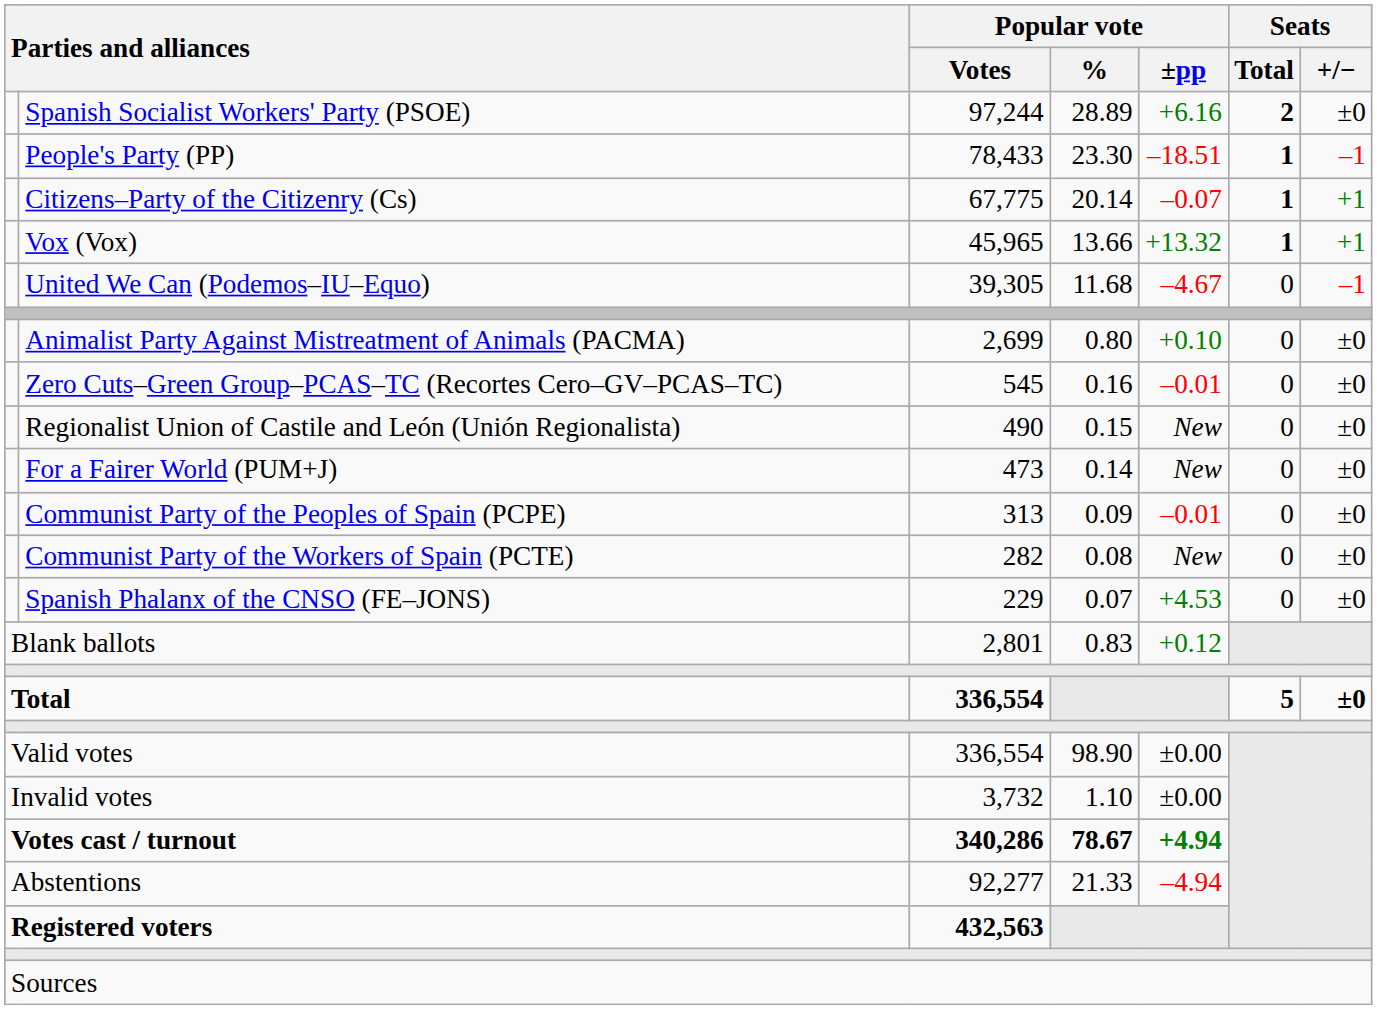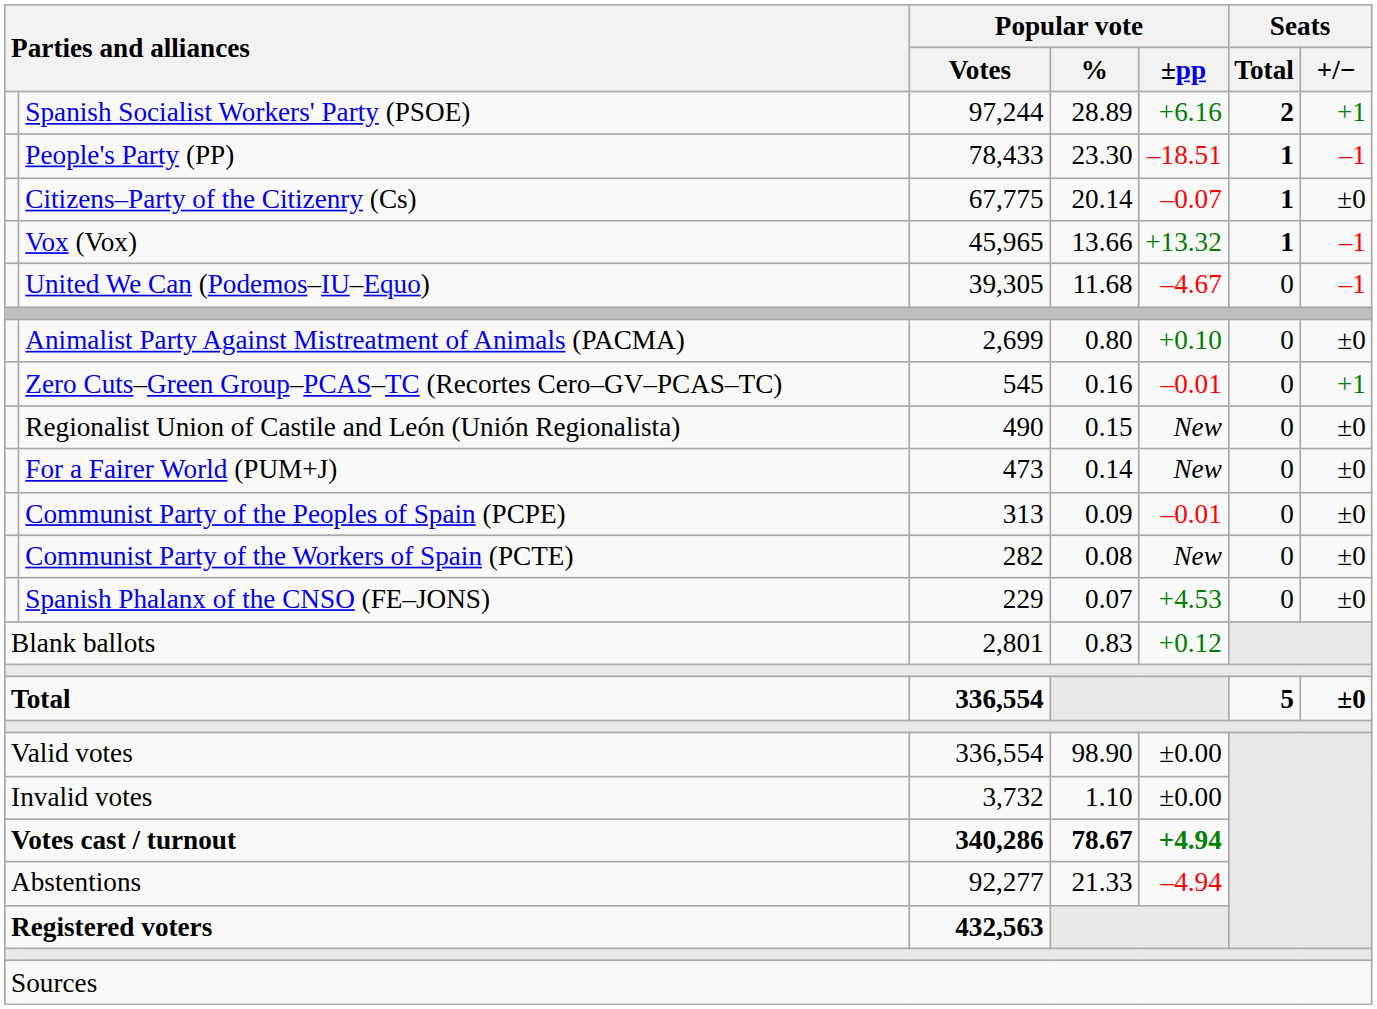 <table class="wikitable" style="text-align:right;">
 <tr>
 <th style="text-align:left;" rowspan="2" colspan="2" width="525">Parties and alliances</th>
 <th colspan="3">Popular vote</th>
 <th colspan="2">Seats</th>
 </tr>
 <tr>
 <th width="75">Votes</th>
 <th width="45">%</th>
 <th width="45">±<a href='#'>pp</a></th>
 <th width="35">Total</th>
 <th width="35">+/−</th>
 </tr>
 <tr>
 <td width="1" style="color:inherit;background:"></td>
 <td align="left"><a href='#'>Spanish Socialist Workers' Party</a> (PSOE)</td>
 <td>97,244</td>
 <td>28.89</td>
 <td style="color:green;">+6.16</td>
 <td><strong>2</strong></td>
-<td>±0</td>
+<td style="color:green;">+1</td>
 </tr>
 <tr>
 <td style="color:inherit;background:"></td>
 <td align="left"><a href='#'>People's Party</a> (PP)</td>
 <td>78,433</td>
 <td>23.30</td>
 <td style="color:red;">–18.51</td>
 <td><strong>1</strong></td>
 <td style="color:red;">–1</td>
 </tr>
 <tr>
 <td style="color:inherit;background:"></td>
 <td align="left"><a href='#'>Citizens–Party of the Citizenry</a> (Cs)</td>
 <td>67,775</td>
 <td>20.14</td>
 <td style="color:red;">–0.07</td>
 <td><strong>1</strong></td>
-<td style="color:green;">+1</td>
+<td>±0</td>
 </tr>
 <tr>
 <td style="color:inherit;background:"></td>
 <td align="left"><a href='#'>Vox</a> (Vox)</td>
 <td>45,965</td>
 <td>13.66</td>
 <td style="color:green;">+13.32</td>
 <td><strong>1</strong></td>
-<td style="color:green;">+1</td>
+<td style="color:red;">–1</td>
 </tr>
 <tr>
 <td style="color:inherit;background:"></td>
 <td align="left"><a href='#'>United We Can</a> (<a href='#'>Podemos</a>–<a href='#'>IU</a>–<a href='#'>Equo</a>)</td>
 <td>39,305</td>
 <td>11.68</td>
 <td style="color:red;">–4.67</td>
 <td>0</td>
 <td style="color:red;">–1</td>
 </tr>
 <tr>
 <td colspan="7" bgcolor="#C0C0C0"></td>
 </tr>
 <tr>
 <td style="color:inherit;background:"></td>
 <td align="left"><a href='#'>Animalist Party Against Mistreatment of Animals</a> (PACMA)</td>
 <td>2,699</td>
 <td>0.80</td>
 <td style="color:green;">+0.10</td>
 <td>0</td>
 <td>±0</td>
 </tr>
 <tr>
 <td style="color:inherit;background:"></td>
 <td align="left"><a href='#'>Zero Cuts</a>–<a href='#'>Green Group</a>–<a href='#'>PCAS</a>–<a href='#'>TC</a> (Recortes Cero–GV–PCAS–TC)</td>
 <td>545</td>
 <td>0.16</td>
 <td style="color:red;">–0.01</td>
 <td>0</td>
-<td>±0</td>
+<td style="color:green;">+1</td>
 </tr>
 <tr>
 <td style="color:inherit;background:"></td>
 <td align="left">Regionalist Union of Castile and León (Unión Regionalista)</td>
 <td>490</td>
 <td>0.15</td>
 <td><em>New</em></td>
 <td>0</td>
 <td>±0</td>
 </tr>
 <tr>
 <td style="color:inherit;background:"></td>
 <td align="left"><a href='#'>For a Fairer World</a> (PUM+J)</td>
 <td>473</td>
 <td>0.14</td>
 <td><em>New</em></td>
 <td>0</td>
 <td>±0</td>
 </tr>
 <tr>
 <td style="color:inherit;background:"></td>
 <td align="left"><a href='#'>Communist Party of the Peoples of Spain</a> (PCPE)</td>
 <td>313</td>
 <td>0.09</td>
 <td style="color:red;">–0.01</td>
 <td>0</td>
 <td>±0</td>
 </tr>
 <tr>
 <td style="color:inherit;background:"></td>
 <td align="left"><a href='#'>Communist Party of the Workers of Spain</a> (PCTE)</td>
 <td>282</td>
 <td>0.08</td>
 <td><em>New</em></td>
 <td>0</td>
 <td>±0</td>
 </tr>
 <tr>
 <td style="color:inherit;background:"></td>
 <td align="left"><a href='#'>Spanish Phalanx of the CNSO</a> (FE–JONS)</td>
 <td>229</td>
 <td>0.07</td>
 <td style="color:green;">+4.53</td>
 <td>0</td>
 <td>±0</td>
 </tr>
 <tr>
 <td align="left" colspan="2">Blank ballots</td>
 <td>2,801</td>
 <td>0.83</td>
 <td style="color:green;">+0.12</td>
 <td bgcolor="#E9E9E9" colspan="2"></td>
 </tr>
 <tr>
 <td colspan="7" bgcolor="#E9E9E9"></td>
 </tr>
 <tr style="font-weight:bold;">
 <td align="left" colspan="2">Total</td>
 <td>336,554</td>
 <td bgcolor="#E9E9E9" colspan="2"></td>
 <td>5</td>
 <td>±0</td>
 </tr>
 <tr>
 <td colspan="7" bgcolor="#E9E9E9"></td>
 </tr>
 <tr>
 <td align="left" colspan="2">Valid votes</td>
 <td>336,554</td>
 <td>98.90</td>
 <td>±0.00</td>
 <td bgcolor="#E9E9E9" colspan="2" rowspan="5"></td>
 </tr>
 <tr>
 <td align="left" colspan="2">Invalid votes</td>
 <td>3,732</td>
 <td>1.10</td>
 <td>±0.00</td>
 </tr>
 <tr style="font-weight:bold;">
 <td align="left" colspan="2">Votes cast / turnout</td>
 <td>340,286</td>
 <td>78.67</td>
 <td style="color:green;">+4.94</td>
 </tr>
 <tr>
 <td align="left" colspan="2">Abstentions</td>
 <td>92,277</td>
 <td>21.33</td>
 <td style="color:red;">–4.94</td>
 </tr>
 <tr style="font-weight:bold;">
 <td align="left" colspan="2">Registered voters</td>
 <td>432,563</td>
 <td bgcolor="#E9E9E9" colspan="2"></td>
 </tr>
 <tr>
 <td colspan="7" bgcolor="#E9E9E9"></td>
 </tr>
 <tr>
 <td align="left" colspan="7">Sources</td>
 </tr>
 </table>
